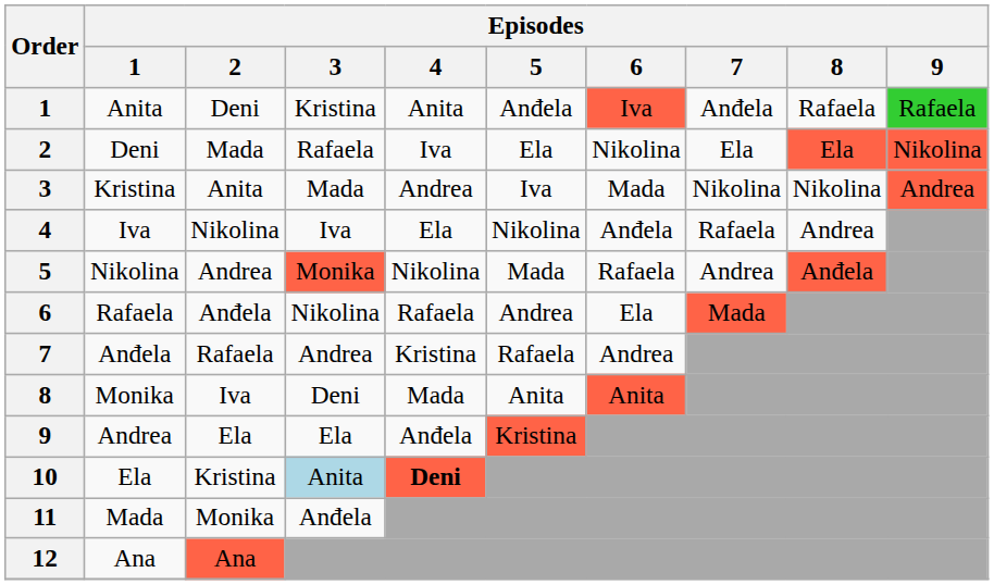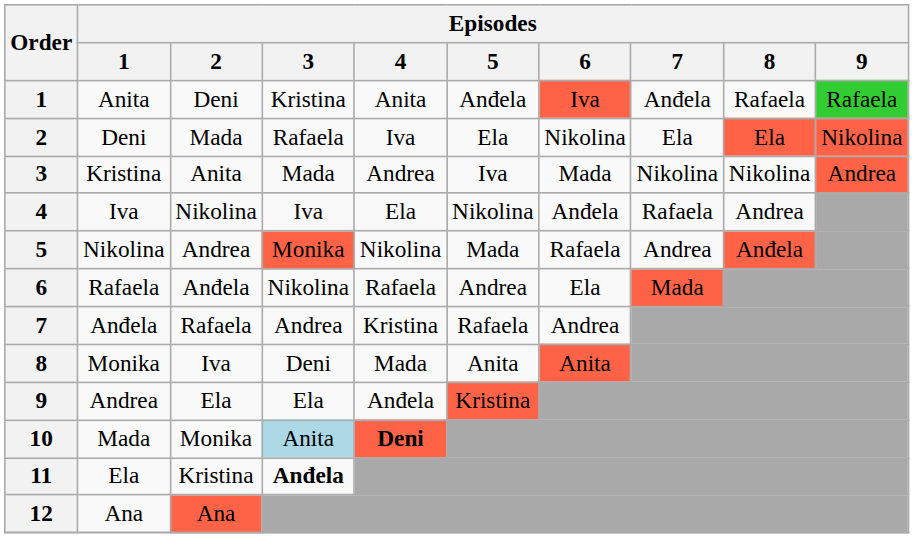 <table class="wikitable" style="text-align:center; font-size:92%">
 <tr>
 <th rowspan="2">Order</th>
 <th colspan=11>Episodes</th>
 </tr>
 <tr>
 <th>1</th>
 <th>2</th>
 <th>3</th>
 <th>4</th>
 <th>5</th>
 <th>6</th>
 <th>7</th>
 <th>8</th>
 <th colspan="2">9</th>
 </tr>
 <tr>
 <th>1</th>
 <td>Anita</td>
 <td>Deni</td>
 <td>Kristina</td>
 <td>Anita</td>
 <td>Anđela</td>
 <td style="background:tomato;">Iva</td>
 <td>Anđela</td>
 <td>Rafaela</td>
 <td style="background:limegreen;">Rafaela</td>
 </tr>
 <tr>
 <th>2</th>
 <td>Deni</td>
 <td>Mada</td>
 <td>Rafaela</td>
 <td>Iva</td>
 <td>Ela</td>
 <td>Nikolina</td>
 <td>Ela</td>
 <td style="background:tomato;">Ela</td>
 <td style="background:tomato;">Nikolina</td>
 </tr>
 <tr>
 <th>3</th>
 <td>Kristina</td>
 <td>Anita</td>
 <td>Mada</td>
 <td>Andrea</td>
 <td>Iva</td>
 <td>Mada</td>
 <td>Nikolina</td>
 <td>Nikolina</td>
 <td style="background:tomato;">Andrea</td>
 </tr>
 <tr>
 <th>4</th>
 <td>Iva</td>
 <td>Nikolina</td>
 <td>Iva</td>
 <td>Ela</td>
 <td>Nikolina</td>
 <td>Anđela</td>
 <td>Rafaela</td>
 <td>Andrea</td>
 <td style="background:darkgray;" colspan="2"></td>
 </tr>
 <tr>
 <th>5</th>
 <td>Nikolina</td>
 <td>Andrea</td>
 <td style="background:tomato;">Monika</td>
 <td>Nikolina</td>
 <td>Mada</td>
 <td>Rafaela</td>
 <td>Andrea</td>
 <td style="background:tomato;">Anđela</td>
 <td style="background:darkgray;" colspan="2"></td>
 </tr>
 <tr>
 <th>6</th>
 <td>Rafaela</td>
 <td>Anđela</td>
 <td>Nikolina</td>
 <td>Rafaela</td>
 <td>Andrea</td>
 <td>Ela</td>
 <td style="background:tomato;">Mada</td>
 <td style="background:darkgray;" colspan="4"></td>
 </tr>
 <tr>
 <th>7</th>
 <td>Anđela</td>
 <td>Rafaela</td>
 <td>Andrea</td>
 <td>Kristina</td>
 <td>Rafaela</td>
 <td>Andrea</td>
 <td style="background:darkgray;" colspan="5"></td>
 </tr>
 <tr>
 <th>8</th>
 <td>Monika</td>
 <td>Iva</td>
 <td>Deni</td>
 <td>Mada</td>
 <td>Anita</td>
 <td style="background:tomato;">Anita</td>
 <td style="background:darkgray;" colspan="5"></td>
 </tr>
 <tr>
 <th>9</th>
 <td>Andrea</td>
 <td>Ela</td>
 <td>Ela</td>
 <td>Anđela</td>
 <td style="background:tomato;">Kristina</td>
 <td style="background:darkgray;" colspan="6"></td>
 </tr>
 <tr>
 <th>10</th>
-<td>Ela</td>
-<td>Kristina</td>
+<td>Mada</td>
+<td>Monika</td>
 <td style="background: lightblue;">Anita</td>
 <td style="background:tomato;"><strong>Deni</strong></td>
 <td style="background:darkgray;" colspan="8"></td>
 </tr>
 <tr>
 <th>11</th>
-<td>Mada</td>
-<td>Monika</td>
-<td>Anđela</td>
+<td>Ela</td>
+<td>Kristina</td>
+<td><strong>Anđela</strong></td>
 <td style="background:darkgray;" colspan="8"></td>
 </tr>
 <tr>
 <th>12</th>
 <td>Ana</td>
 <td style="background:tomato;">Ana</td>
 <td style="background:darkgray;" colspan="9"></td>
 </tr>
 <tr>
 </tr>
 </table>
